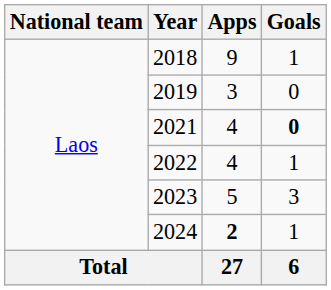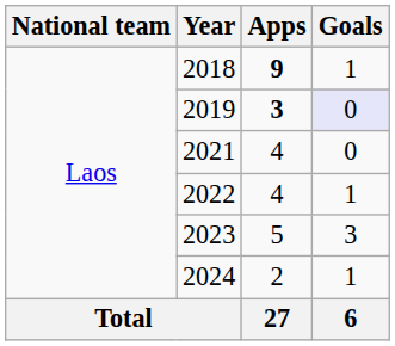 <table class="wikitable" style="text-align:center">
 <tr>
 <th>National team</th>
 <th>Year</th>
 <th>Apps</th>
 <th>Goals</th>
 </tr>
 <tr>
 <td rowspan="6"><a href='#'>Laos</a></td>
 <td>2018</td>
-<td>9</td>
+<td><strong>9</strong></td>
 <td>1</td>
 </tr>
 <tr>
 <td>2019</td>
-<td>3</td>
-<td>0</td>
+<td><strong>3</strong></td>
+<td style="background: lavender;">0</td>
 </tr>
 <tr>
 <td>2021</td>
 <td>4</td>
-<td><strong>0</strong></td>
+<td>0</td>
 </tr>
 <tr>
 <td>2022</td>
 <td>4</td>
 <td>1</td>
 </tr>
 <tr>
 <td>2023</td>
 <td>5</td>
 <td>3</td>
 </tr>
 <tr>
 <td>2024</td>
-<td><strong>2</strong></td>
+<td>2</td>
 <td>1</td>
 </tr>
 <tr>
 <th colspan=2>Total</th>
 <th>27</th>
 <th>6</th>
 </tr>
 </table>
